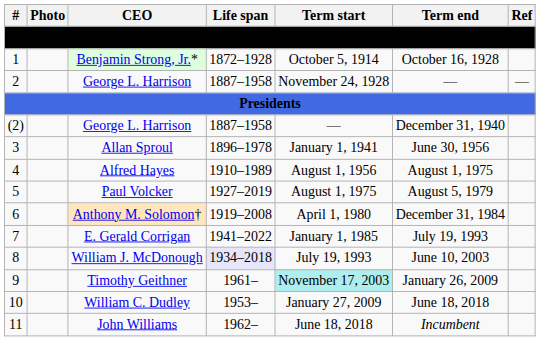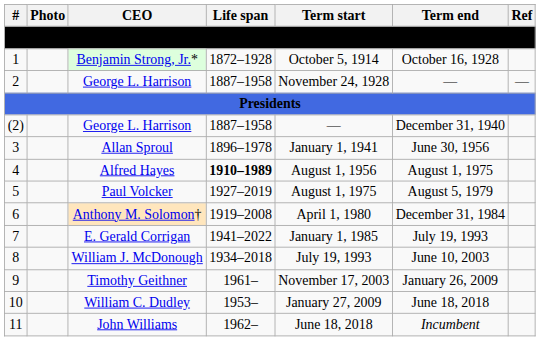 <table class="wikitable" style="text-align:center">
 <tr>
 <th>#</th>
 <th>Photo</th>
 <th>CEO</th>
 <th>Life span</th>
 <th>Term start</th>
 <th>Term end</th>
 <th>Ref</th>
 </tr>
 <tr>
 <td align="center" Colspan="18" style="background: #000000"><strong><span>Governors</span></strong></td>
 </tr>
 <tr>
 <td>1</td>
 <td></td>
 <td bgcolor="#ddffdd"><a href='#'>Benjamin Strong, Jr.</a>*</td>
 <td>1872–1928</td>
 <td>October 5, 1914</td>
 <td>October 16, 1928</td>
 <td align="center"></td>
 </tr>
 <tr>
 <td>2</td>
 <td></td>
 <td><a href='#'>George L. Harrison</a></td>
 <td>1887–1958</td>
 <td>November 24, 1928</td>
 <td align="center">—</td>
 <td>—</td>
 </tr>
 <tr>
 <td align="center" Colspan="18" style="background: #4169E1"><strong><span>Presidents</span></strong></td>
 </tr>
 <tr>
 <td>(2)</td>
 <td></td>
 <td><a href='#'>George L. Harrison</a></td>
 <td>1887–1958</td>
 <td align="center">—</td>
 <td>December 31, 1940</td>
 <td align="center"></td>
 </tr>
 <tr>
 <td>3</td>
 <td></td>
 <td><a href='#'>Allan Sproul</a></td>
 <td>1896–1978</td>
 <td>January 1, 1941</td>
 <td>June 30, 1956</td>
 <td align="center"></td>
 </tr>
 <tr>
 <td>4</td>
 <td></td>
 <td><a href='#'>Alfred Hayes</a></td>
-<td>1910–1989</td>
+<td><strong>1910–1989</strong></td>
 <td>August 1, 1956</td>
 <td>August 1, 1975</td>
 <td align="center"></td>
 </tr>
 <tr>
 <td>5</td>
 <td></td>
 <td><a href='#'>Paul Volcker</a></td>
 <td>1927–2019</td>
 <td>August 1, 1975</td>
 <td>August 5, 1979</td>
 <td align="center"></td>
 </tr>
 <tr>
 <td>6</td>
 <td></td>
 <td bgcolor=#FFE6BD><a href='#'>Anthony M. Solomon</a>†</td>
 <td>1919–2008</td>
 <td>April 1, 1980</td>
 <td>December 31, 1984</td>
 <td align="center"></td>
 </tr>
 <tr>
 <td>7</td>
 <td></td>
 <td><a href='#'>E. Gerald Corrigan</a></td>
 <td>1941–2022</td>
 <td>January 1, 1985</td>
 <td>July 19, 1993</td>
 <td align="center"></td>
 </tr>
 <tr>
 <td>8</td>
 <td></td>
 <td><a href='#'>William J. McDonough</a></td>
-<td style="background: lavender;">1934–2018</td>
+<td>1934–2018</td>
 <td>July 19, 1993</td>
 <td>June 10, 2003</td>
 <td align="center"></td>
 </tr>
 <tr>
 <td>9</td>
 <td></td>
 <td><a href='#'>Timothy Geithner</a></td>
 <td>1961–</td>
-<td style="background: paleturquoise;">November 17, 2003</td>
+<td>November 17, 2003</td>
 <td>January 26, 2009</td>
 <td align="center"></td>
 </tr>
 <tr>
 <td>10</td>
 <td></td>
 <td><a href='#'>William C. Dudley</a></td>
 <td>1953–</td>
 <td>January 27, 2009</td>
 <td>June 18, 2018</td>
 <td align="center"></td>
 </tr>
 <tr>
 <td>11</td>
 <td></td>
 <td><a href='#'>John Williams</a></td>
 <td>1962–</td>
 <td>June 18, 2018</td>
 <td><em>Incumbent</em></td>
 <td align="center"></td>
 </tr>
 </table>
